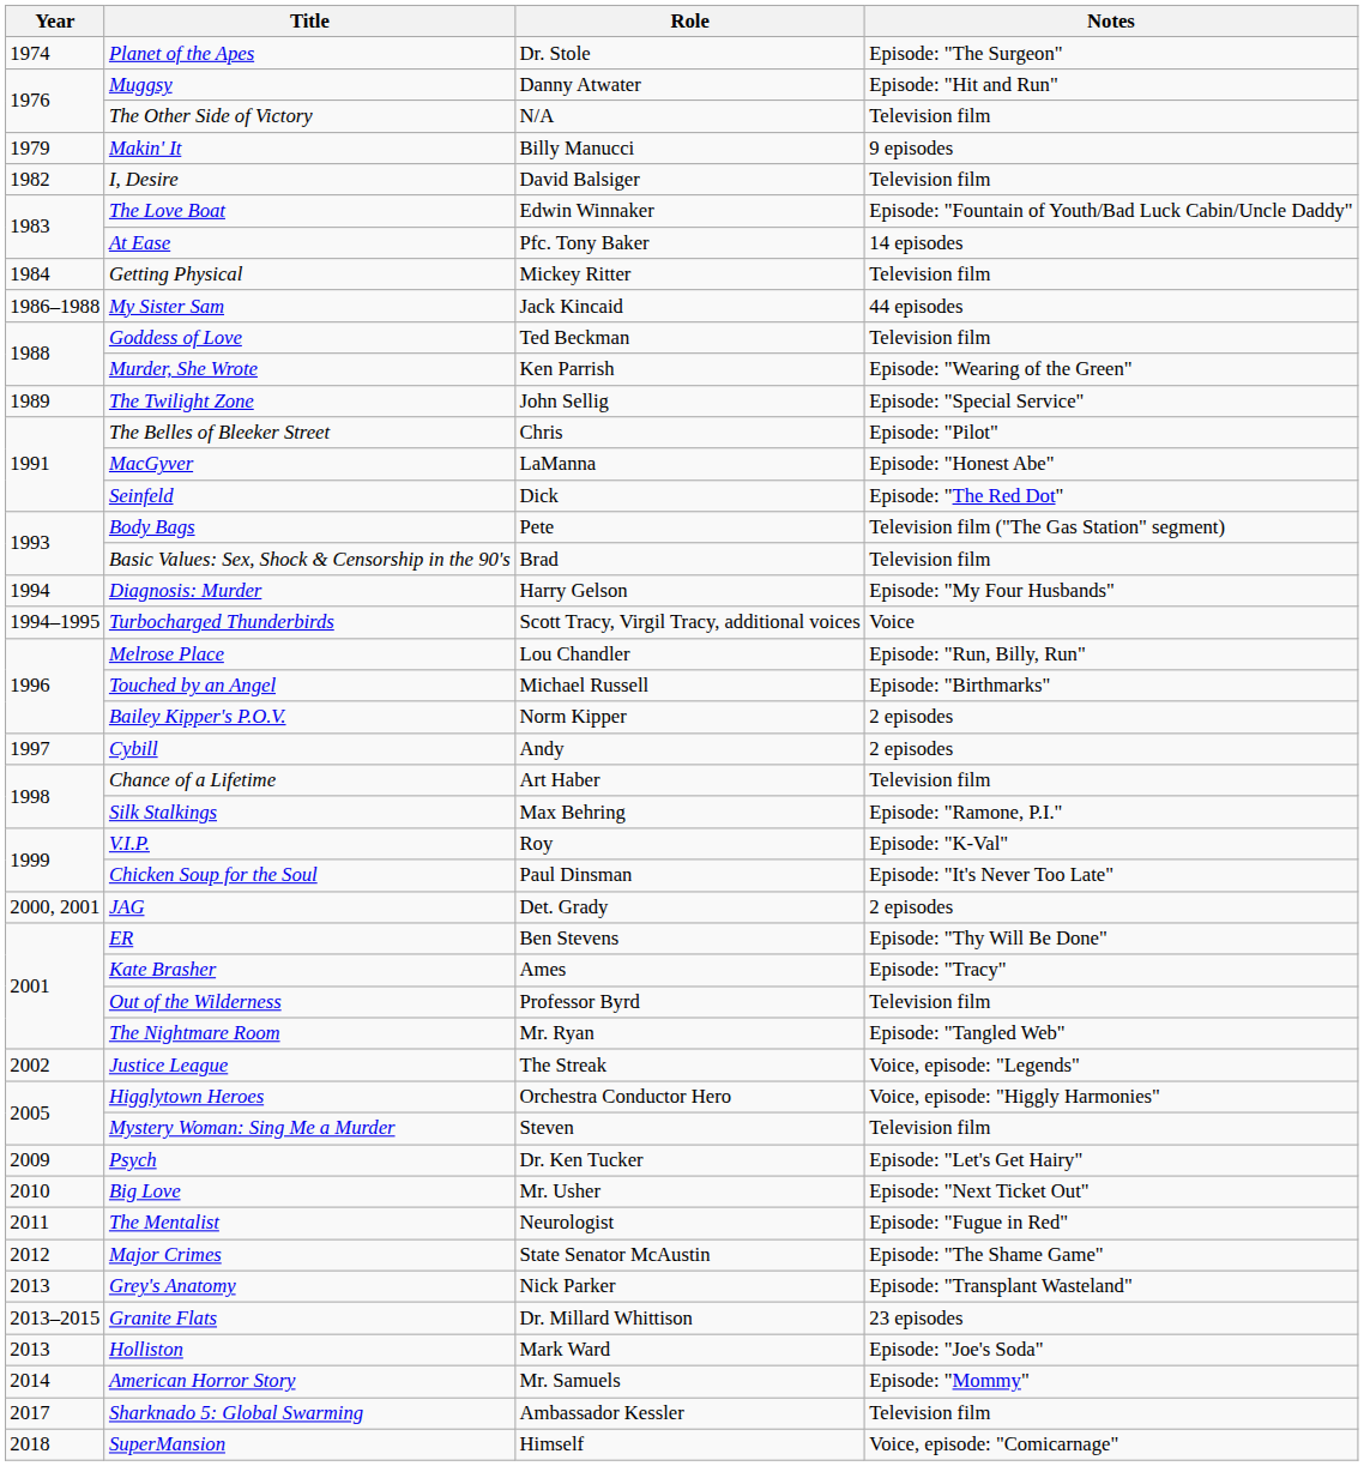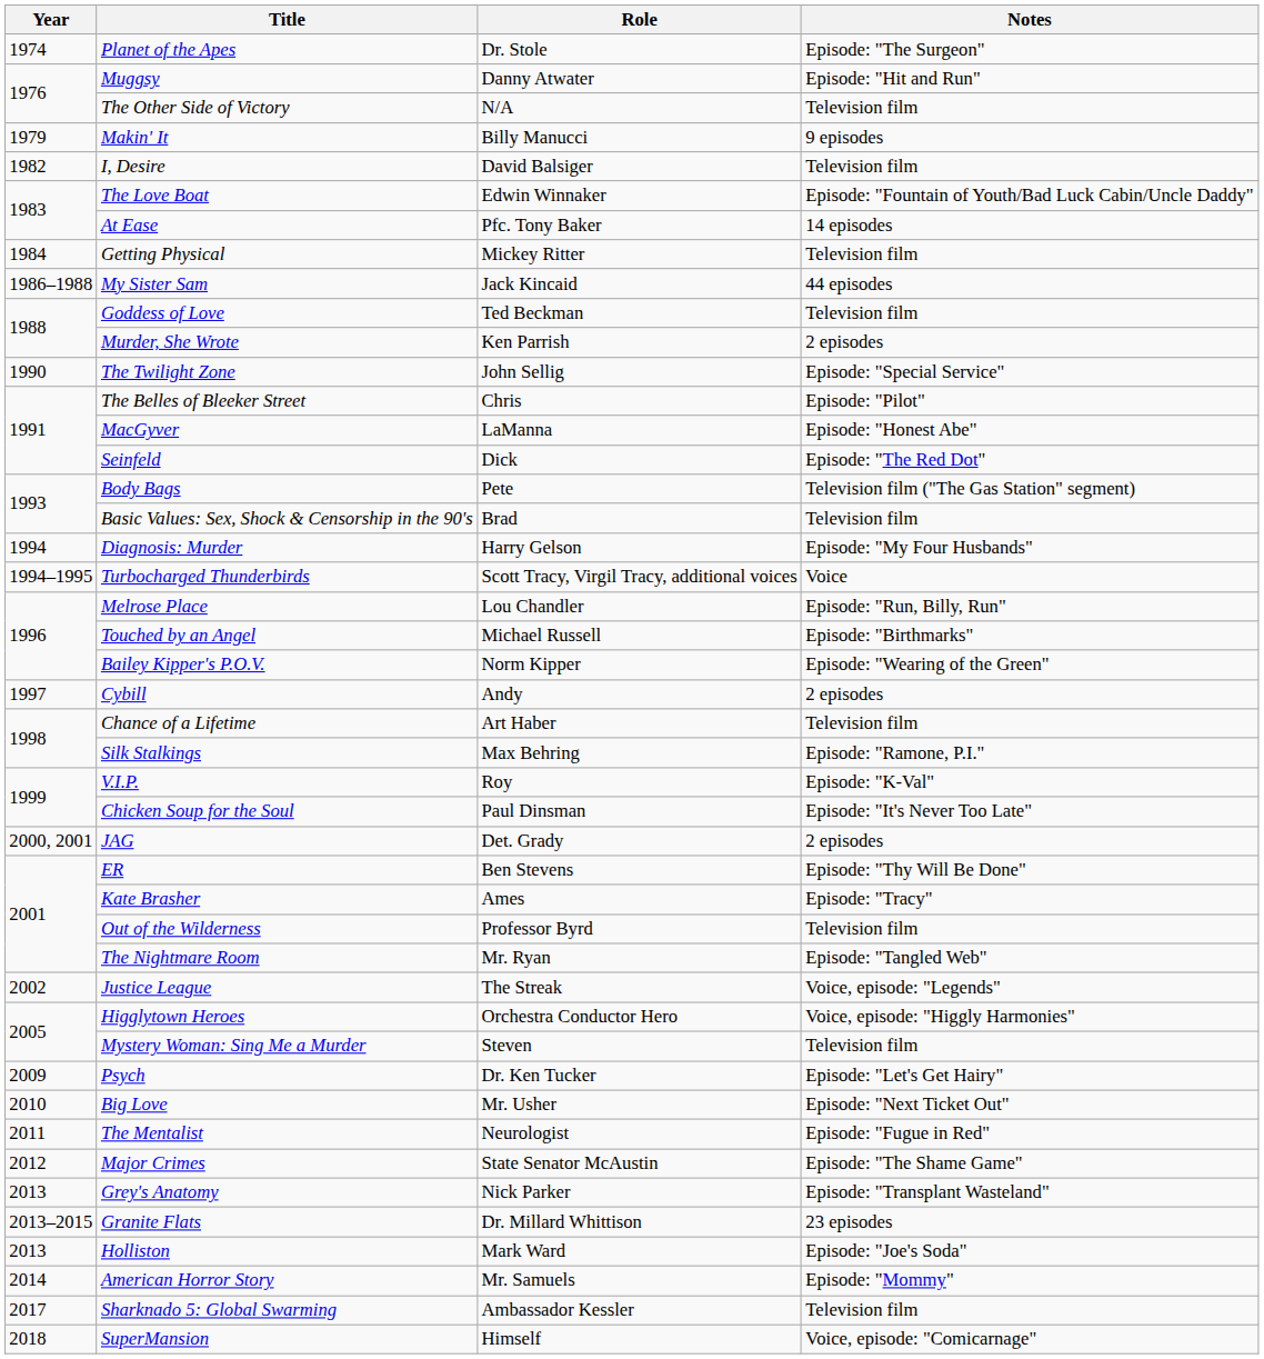 <table class="wikitable">
 <tr>
 <th>Year</th>
 <th>Title</th>
 <th>Role</th>
 <th>Notes</th>
 </tr>
 <tr>
 <td>1974</td>
 <td><em><a href='#'>Planet of the Apes</a></em></td>
 <td>Dr. Stole</td>
 <td>Episode: "The Surgeon"</td>
 </tr>
 <tr>
 <td rowspan="2">1976</td>
 <td><em><a href='#'>Muggsy</a></em></td>
 <td>Danny Atwater</td>
 <td>Episode: "Hit and Run"</td>
 </tr>
 <tr>
 <td><em>The Other Side of Victory</em></td>
 <td>N/A</td>
 <td>Television film</td>
 </tr>
 <tr>
 <td>1979</td>
 <td><em><a href='#'>Makin' It</a></em></td>
 <td>Billy Manucci</td>
 <td>9 episodes</td>
 </tr>
 <tr>
 <td>1982</td>
 <td><em>I, Desire</em></td>
 <td>David Balsiger</td>
 <td>Television film</td>
 </tr>
 <tr>
 <td rowspan="2">1983</td>
 <td><em><a href='#'>The Love Boat</a></em></td>
 <td>Edwin Winnaker</td>
 <td>Episode: "Fountain of Youth/Bad Luck Cabin/Uncle Daddy"</td>
 </tr>
 <tr>
 <td><em><a href='#'>At Ease</a></em></td>
 <td>Pfc. Tony Baker</td>
 <td>14 episodes</td>
 </tr>
 <tr>
 <td>1984</td>
 <td><em>Getting Physical</em></td>
 <td>Mickey Ritter</td>
 <td>Television film</td>
 </tr>
 <tr>
 <td>1986–1988</td>
 <td><em><a href='#'>My Sister Sam</a></em></td>
 <td>Jack Kincaid</td>
 <td>44 episodes</td>
 </tr>
 <tr>
 <td rowspan="2">1988</td>
 <td><em><a href='#'>Goddess of Love</a></em></td>
 <td>Ted Beckman</td>
 <td>Television film</td>
 </tr>
 <tr>
 <td><em><a href='#'>Murder, She Wrote</a></em></td>
 <td>Ken Parrish</td>
-<td>Episode: "Wearing of the Green"</td>
+<td>2 episodes</td>
 </tr>
 <tr>
-<td>1989</td>
+<td>1990</td>
 <td><em><a href='#'>The Twilight Zone</a></em></td>
 <td>John Sellig</td>
 <td>Episode: "Special Service"</td>
 </tr>
 <tr>
 <td rowspan="3">1991</td>
 <td><em>The Belles of Bleeker Street</em></td>
 <td>Chris</td>
 <td>Episode: "Pilot"</td>
 </tr>
 <tr>
 <td><em><a href='#'>MacGyver</a></em></td>
 <td>LaManna</td>
 <td>Episode: "Honest Abe"</td>
 </tr>
 <tr>
 <td><em><a href='#'>Seinfeld</a></em></td>
 <td>Dick</td>
 <td>Episode: "<a href='#'>The Red Dot</a>"</td>
 </tr>
 <tr>
 <td rowspan="2">1993</td>
 <td><em><a href='#'>Body Bags</a></em></td>
 <td>Pete</td>
 <td>Television film ("The Gas Station" segment)</td>
 </tr>
 <tr>
 <td><em>Basic Values: Sex, Shock & Censorship in the 90's</em></td>
 <td>Brad</td>
 <td>Television film</td>
 </tr>
 <tr>
 <td>1994</td>
 <td><em><a href='#'>Diagnosis: Murder</a></em></td>
 <td>Harry Gelson</td>
 <td>Episode: "My Four Husbands"</td>
 </tr>
 <tr>
 <td>1994–1995</td>
 <td><em><a href='#'>Turbocharged Thunderbirds</a></em></td>
 <td>Scott Tracy, Virgil Tracy, additional voices</td>
 <td>Voice</td>
 </tr>
 <tr>
 <td rowspan="3">1996</td>
 <td><em><a href='#'>Melrose Place</a></em></td>
 <td>Lou Chandler</td>
 <td>Episode: "Run, Billy, Run"</td>
 </tr>
 <tr>
 <td><em><a href='#'>Touched by an Angel</a></em></td>
 <td>Michael Russell</td>
 <td>Episode: "Birthmarks"</td>
 </tr>
 <tr>
 <td><em><a href='#'>Bailey Kipper's P.O.V.</a></em></td>
 <td>Norm Kipper</td>
-<td>2 episodes</td>
+<td>Episode: "Wearing of the Green"</td>
 </tr>
 <tr>
 <td>1997</td>
 <td><em><a href='#'>Cybill</a></em></td>
 <td>Andy</td>
 <td>2 episodes</td>
 </tr>
 <tr>
 <td rowspan="2">1998</td>
 <td><em>Chance of a Lifetime</em></td>
 <td>Art Haber</td>
 <td>Television film</td>
 </tr>
 <tr>
 <td><em><a href='#'>Silk Stalkings</a></em></td>
 <td>Max Behring</td>
 <td>Episode: "Ramone, P.I."</td>
 </tr>
 <tr>
 <td rowspan="2">1999</td>
 <td><em><a href='#'>V.I.P.</a></em></td>
 <td>Roy</td>
 <td>Episode: "K-Val"</td>
 </tr>
 <tr>
 <td><em><a href='#'>Chicken Soup for the Soul</a></em></td>
 <td>Paul Dinsman</td>
 <td>Episode: "It's Never Too Late"</td>
 </tr>
 <tr>
 <td>2000, 2001</td>
 <td><em><a href='#'>JAG</a></em></td>
 <td>Det. Grady</td>
 <td>2 episodes</td>
 </tr>
 <tr>
 <td rowspan="4">2001</td>
 <td><em><a href='#'>ER</a></em></td>
 <td>Ben Stevens</td>
 <td>Episode: "Thy Will Be Done"</td>
 </tr>
 <tr>
 <td><em><a href='#'>Kate Brasher</a></em></td>
 <td>Ames</td>
 <td>Episode: "Tracy"</td>
 </tr>
 <tr>
 <td><em><a href='#'>Out of the Wilderness</a></em></td>
 <td>Professor Byrd</td>
 <td>Television film</td>
 </tr>
 <tr>
 <td><em><a href='#'>The Nightmare Room</a></em></td>
 <td>Mr. Ryan</td>
 <td>Episode: "Tangled Web"</td>
 </tr>
 <tr>
 <td>2002</td>
 <td><em><a href='#'>Justice League</a></em></td>
 <td>The Streak</td>
 <td>Voice, episode: "Legends"</td>
 </tr>
 <tr>
 <td rowspan="2">2005</td>
 <td><em><a href='#'>Higglytown Heroes</a></em></td>
 <td>Orchestra Conductor Hero</td>
 <td>Voice, episode: "Higgly Harmonies"</td>
 </tr>
 <tr>
 <td><em><a href='#'>Mystery Woman: Sing Me a Murder</a></em></td>
 <td>Steven</td>
 <td>Television film</td>
 </tr>
 <tr>
 <td>2009</td>
 <td><em><a href='#'>Psych</a></em></td>
 <td>Dr. Ken Tucker</td>
 <td>Episode: "Let's Get Hairy"</td>
 </tr>
 <tr>
 <td>2010</td>
 <td><em><a href='#'>Big Love</a></em></td>
 <td>Mr. Usher</td>
 <td>Episode: "Next Ticket Out"</td>
 </tr>
 <tr>
 <td>2011</td>
 <td><em><a href='#'>The Mentalist</a></em></td>
 <td>Neurologist</td>
 <td>Episode: "Fugue in Red"</td>
 </tr>
 <tr>
 <td>2012</td>
 <td><em><a href='#'>Major Crimes</a></em></td>
 <td>State Senator McAustin</td>
 <td>Episode: "The Shame Game"</td>
 </tr>
 <tr>
 <td>2013</td>
 <td><em><a href='#'>Grey's Anatomy</a></em></td>
 <td>Nick Parker</td>
 <td>Episode: "Transplant Wasteland"</td>
 </tr>
 <tr>
 <td>2013–2015</td>
 <td><em><a href='#'>Granite Flats</a></em></td>
 <td>Dr. Millard Whittison</td>
 <td>23 episodes</td>
 </tr>
 <tr>
 <td>2013</td>
 <td><em><a href='#'>Holliston</a></em></td>
 <td>Mark Ward</td>
 <td>Episode: "Joe's Soda"</td>
 </tr>
 <tr>
 <td>2014</td>
 <td><em><a href='#'>American Horror Story</a></em></td>
 <td>Mr. Samuels</td>
 <td>Episode: "<a href='#'>Mommy</a>"</td>
 </tr>
 <tr>
 <td>2017</td>
 <td><em><a href='#'>Sharknado 5: Global Swarming</a></em></td>
 <td>Ambassador Kessler</td>
 <td>Television film</td>
 </tr>
 <tr>
 <td>2018</td>
 <td><em><a href='#'>SuperMansion</a></em></td>
 <td>Himself</td>
 <td>Voice, episode: "Comicarnage"</td>
 </tr>
 </table>
